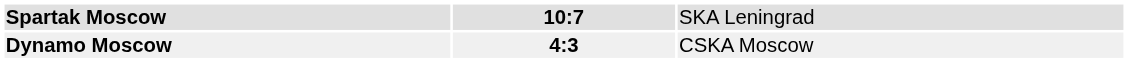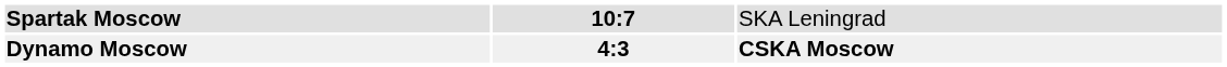 <table width="70%">
 <tr bgcolor="#e0e0e0">
 <td style="width:40%;"><strong>Spartak Moscow</strong></td>
 <th style="width:20%;"><strong>10:7</strong></th>
 <td style="width:40%;">SKA Leningrad</td>
 </tr>
 <tr bgcolor="#f0f0f0">
 <td><strong>Dynamo Moscow</strong></td>
 <td align="center"><strong>4:3</strong></td>
-<td>CSKA Moscow</td>
+<td><strong>CSKA Moscow</strong></td>
 </tr>
 </table>
